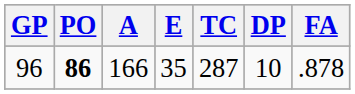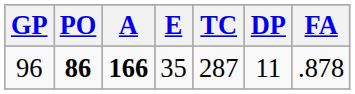 <table class="wikitable">
 <tr>
 <th><a href='#'>GP</a></th>
 <th><a href='#'>PO</a></th>
 <th><a href='#'>A</a></th>
 <th><a href='#'>E</a></th>
 <th><a href='#'>TC</a></th>
 <th><a href='#'>DP</a></th>
 <th><a href='#'>FA</a></th>
 </tr>
 <tr align=center>
 <td>96</td>
 <td><strong>86</strong></td>
-<td>166</td>
+<td><strong>166</strong></td>
 <td>35</td>
 <td>287</td>
-<td>10</td>
+<td>11</td>
 <td>.878</td>
 </tr>
 </table>
